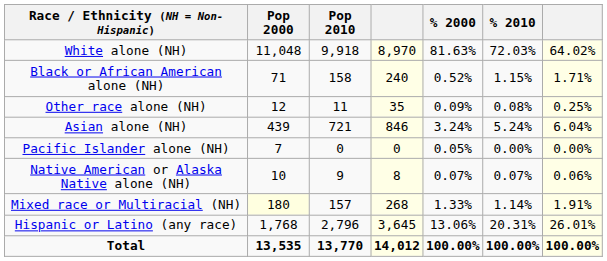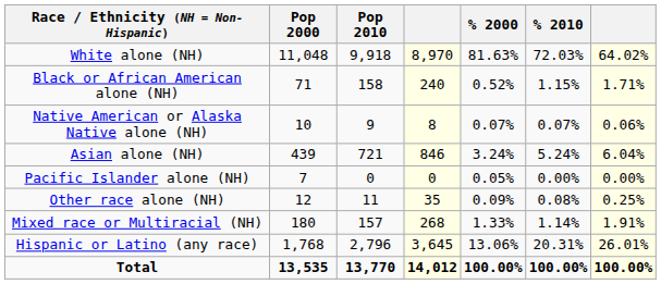 <table class="wikitable" style="text-align:center;">
 <tr>
 <th>Race / Ethnicity <small>(<em>NH = Non-Hispanic</em>)</small></th>
 <th>Pop 2000</th>
 <th>Pop 2010</th>
 <th></th>
 <th>% 2000</th>
 <th>% 2010</th>
 <th></th>
 </tr>
 <tr>
 <td><a href='#'>White</a> alone (NH)</td>
 <td>11,048</td>
 <td>9,918</td>
 <td style='background: #ffffe6;'>8,970</td>
 <td>81.63%</td>
 <td>72.03%</td>
 <td style='background: #ffffe6;'>64.02%</td>
 </tr>
 <tr>
 <td><a href='#'>Black or African American</a> alone (NH)</td>
 <td>71</td>
 <td>158</td>
 <td style='background: #ffffe6;'>240</td>
 <td>0.52%</td>
 <td>1.15%</td>
 <td style='background: #ffffe6;'>1.71%</td>
 </tr>
 <tr>
-<td><a href='#'>Other race</a> alone (NH)</td>
-<td>12</td>
-<td>11</td>
-<td style='background: #ffffe6;'>35</td>
-<td>0.09%</td>
-<td>0.08%</td>
-<td style='background: #ffffe6;'>0.25%</td>
+<td><a href='#'>Native American</a> or <a href='#'>Alaska Native</a> alone (NH)</td>
+<td>10</td>
+<td>9</td>
+<td style='background: #ffffe6;'>8</td>
+<td>0.07%</td>
+<td>0.07%</td>
+<td style='background: #ffffe6;'>0.06%</td>
 </tr>
 <tr>
 <td><a href='#'>Asian</a> alone (NH)</td>
 <td>439</td>
 <td>721</td>
 <td style='background: #ffffe6;'>846</td>
 <td>3.24%</td>
 <td>5.24%</td>
 <td style='background: #ffffe6;'>6.04%</td>
 </tr>
 <tr>
 <td><a href='#'>Pacific Islander</a> alone (NH)</td>
 <td>7</td>
 <td>0</td>
 <td style='background: #ffffe6;'>0</td>
 <td>0.05%</td>
 <td>0.00%</td>
 <td style='background: #ffffe6;'>0.00%</td>
 </tr>
 <tr>
-<td><a href='#'>Native American</a> or <a href='#'>Alaska Native</a> alone (NH)</td>
-<td>10</td>
-<td>9</td>
-<td style='background: #ffffe6;'>8</td>
-<td>0.07%</td>
-<td>0.07%</td>
-<td style='background: #ffffe6;'>0.06%</td>
+<td><a href='#'>Other race</a> alone (NH)</td>
+<td>12</td>
+<td>11</td>
+<td style='background: #ffffe6;'>35</td>
+<td>0.09%</td>
+<td>0.08%</td>
+<td style='background: #ffffe6;'>0.25%</td>
 </tr>
 <tr>
 <td><a href='#'>Mixed race or Multiracial</a> (NH)</td>
-<td style="background: lightyellow;">180</td>
+<td>180</td>
 <td>157</td>
 <td style='background: #ffffe6;'>268</td>
 <td>1.33%</td>
 <td>1.14%</td>
 <td style='background: #ffffe6;'>1.91%</td>
 </tr>
 <tr>
 <td><a href='#'>Hispanic or Latino</a> (any race)</td>
 <td>1,768</td>
 <td>2,796</td>
 <td style='background: #ffffe6;'>3,645</td>
 <td>13.06%</td>
 <td>20.31%</td>
 <td style='background: #ffffe6;'>26.01%</td>
 </tr>
 <tr>
 <td><strong>Total</strong></td>
 <td><strong>13,535</strong></td>
 <td><strong>13,770</strong></td>
 <td style='background: #ffffe6;'><strong>14,012</strong></td>
 <td><strong>100.00%</strong></td>
 <td><strong>100.00%</strong></td>
 <td style='background: #ffffe6;'><strong>100.00%</strong></td>
 </tr>
 </table>
